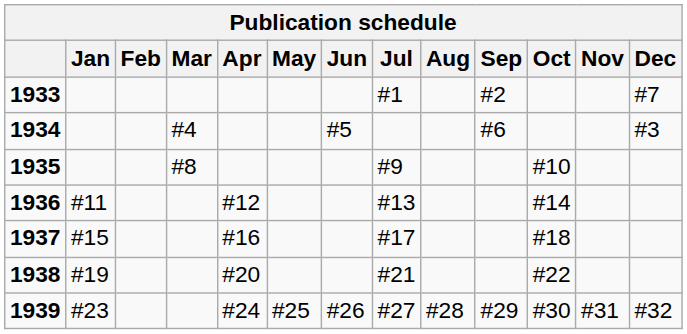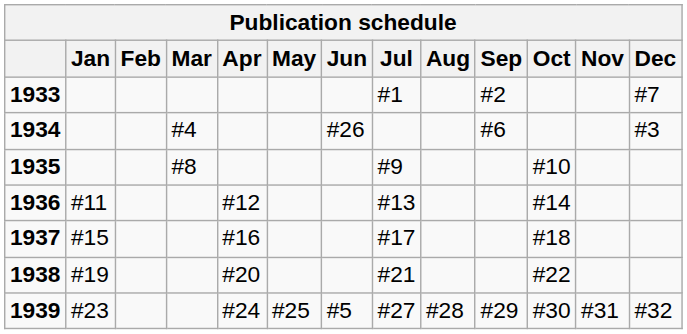 <table class="wikitable">
 <tr>
 <th colspan="13">Publication schedule</th>
 </tr>
 <tr>
 <th></th>
 <th>Jan</th>
 <th>Feb</th>
 <th>Mar</th>
 <th>Apr</th>
 <th>May</th>
 <th>Jun</th>
 <th>Jul</th>
 <th>Aug</th>
 <th>Sep</th>
 <th>Oct</th>
 <th>Nov</th>
 <th>Dec</th>
 </tr>
 <tr>
 <td><strong>1933</strong></td>
 <td></td>
 <td></td>
 <td></td>
 <td></td>
 <td></td>
 <td></td>
 <td>#1</td>
 <td></td>
 <td>#2</td>
 <td></td>
 <td></td>
 <td>#7</td>
 </tr>
 <tr>
 <td><strong>1934</strong></td>
 <td></td>
 <td></td>
 <td>#4</td>
 <td></td>
 <td></td>
-<td>#5</td>
+<td>#26</td>
 <td></td>
 <td></td>
 <td>#6</td>
 <td></td>
 <td></td>
 <td>#3</td>
 </tr>
 <tr>
 <td><strong>1935</strong></td>
 <td></td>
 <td></td>
 <td>#8</td>
 <td></td>
 <td></td>
 <td></td>
 <td>#9</td>
 <td></td>
 <td></td>
 <td>#10</td>
 <td></td>
 <td></td>
 </tr>
 <tr>
 <td><strong>1936</strong></td>
 <td>#11</td>
 <td></td>
 <td></td>
 <td>#12</td>
 <td></td>
 <td></td>
 <td>#13</td>
 <td></td>
 <td></td>
 <td>#14</td>
 <td></td>
 <td></td>
 </tr>
 <tr>
 <td><strong>1937</strong></td>
 <td>#15</td>
 <td></td>
 <td></td>
 <td>#16</td>
 <td></td>
 <td></td>
 <td>#17</td>
 <td></td>
 <td></td>
 <td>#18</td>
 <td></td>
 <td></td>
 </tr>
 <tr>
 <td><strong>1938</strong></td>
 <td>#19</td>
 <td></td>
 <td></td>
 <td>#20</td>
 <td></td>
 <td></td>
 <td>#21</td>
 <td></td>
 <td></td>
 <td>#22</td>
 <td></td>
 <td></td>
 </tr>
 <tr>
 <td><strong>1939</strong></td>
 <td>#23</td>
 <td></td>
 <td></td>
 <td>#24</td>
 <td>#25</td>
-<td>#26</td>
+<td>#5</td>
 <td>#27</td>
 <td>#28</td>
 <td>#29</td>
 <td>#30</td>
 <td>#31</td>
 <td>#32</td>
 </tr>
 </table>
